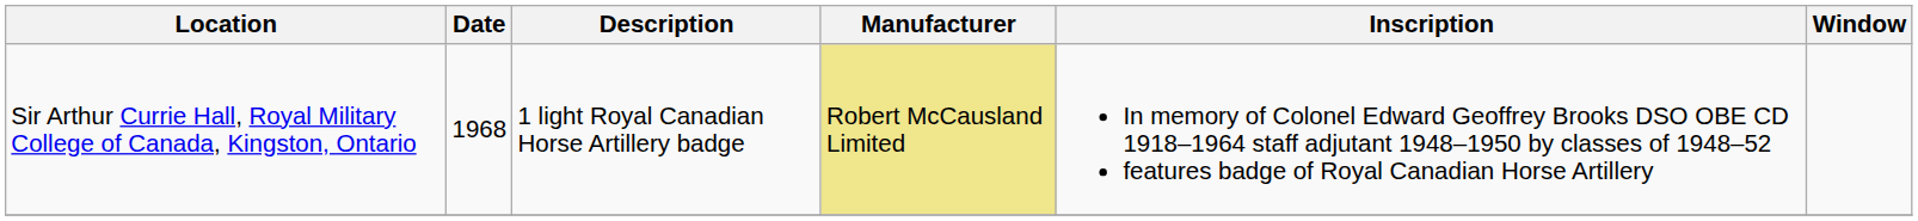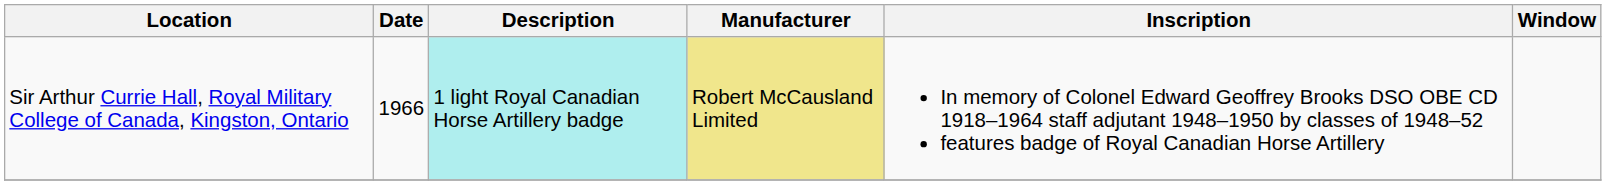 <table class="wikitable">
 <tr>
 <th>Location</th>
 <th>Date</th>
 <th>Description</th>
 <th>Manufacturer</th>
 <th>Inscription</th>
 <th>Window</th>
 </tr>
 <tr>
 <td>Sir Arthur <a href='#'>Currie Hall</a>, <a href='#'>Royal Military College of Canada</a>, <a href='#'>Kingston, Ontario</a></td>
-<td>1968</td>
-<td>1 light Royal Canadian Horse Artillery badge</td>
+<td>1966</td>
+<td style="background: paleturquoise;">1 light Royal Canadian Horse Artillery badge</td>
 <td style="background: khaki;">Robert McCausland Limited</td>
 <td><br><ul><li>In memory of Colonel Edward Geoffrey Brooks DSO OBE CD 1918–1964 staff adjutant 1948–1950 by classes of 1948–52</li><li>features badge of Royal Canadian Horse Artillery</li></ul></td>
 <td></td>
 </tr>
 <tr>
 </tr>
 </table>
